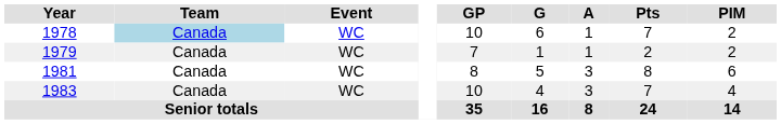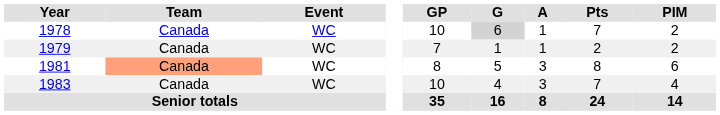 <table border="0" cellpadding="1" cellspacing="0" style="text-align:center; width:50em;">
 <tr bgcolor="#e0e0e0">
 <th>Year</th>
 <th>Team</th>
 <th>Event</th>
 <th rowspan="99" bgcolor="#ffffff"> </th>
 <th>GP</th>
 <th>G</th>
 <th>A</th>
 <th>Pts</th>
 <th>PIM</th>
 </tr>
 <tr>
 <td><a href='#'>1978</a></td>
-<td style="background: lightblue;"><a href='#'>Canada</a></td>
+<td><a href='#'>Canada</a></td>
 <td><a href='#'>WC</a></td>
 <td>10</td>
-<td>6</td>
+<td style="background: lightgrey;">6</td>
 <td>1</td>
 <td>7</td>
 <td>2</td>
 </tr>
 <tr bgcolor="#f0f0f0">
 <td><a href='#'>1979</a></td>
 <td>Canada</td>
 <td>WC</td>
 <td>7</td>
 <td>1</td>
 <td>1</td>
 <td>2</td>
 <td>2</td>
 </tr>
 <tr>
 <td><a href='#'>1981</a></td>
-<td>Canada</td>
+<td style="background: lightsalmon;">Canada</td>
 <td>WC</td>
 <td>8</td>
 <td>5</td>
 <td>3</td>
 <td>8</td>
 <td>6</td>
 </tr>
 <tr bgcolor="#f0f0f0">
 <td><a href='#'>1983</a></td>
 <td>Canada</td>
 <td>WC</td>
 <td>10</td>
 <td>4</td>
 <td>3</td>
 <td>7</td>
 <td>4</td>
 </tr>
 <tr bgcolor="#e0e0e0">
 <th colspan="3">Senior totals</th>
 <th>35</th>
 <th>16</th>
 <th>8</th>
 <th>24</th>
 <th>14</th>
 </tr>
 </table>
